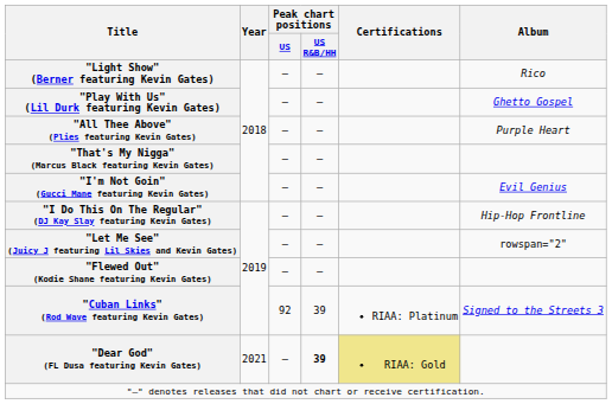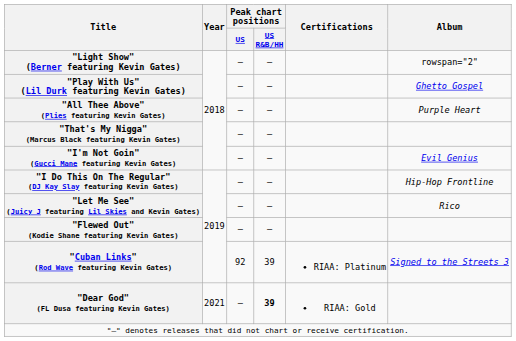 <table class="wikitable plainrowheaders" style="text-align:center;">
 <tr>
 <th scope="col" rowspan="2">Title</th>
 <th scope="col" rowspan="2">Year</th>
 <th scope="col" colspan="2">Peak chart positions</th>
 <th rowspan="2" scope="col">Certifications</th>
 <th scope="col" rowspan="2">Album</th>
 </tr>
 <tr>
 <th style="width:3em;font-size:90%;"><a href='#'>US</a><br></th>
 <th style="width:3em;font-size:90%;"><a href='#'>US<br>R&B/HH</a><br></th>
 </tr>
 <tr>
 <th scope="row">"Light Show"<br><span>(<a href='#'>Berner</a> featuring Kevin Gates)</span></th>
 <td rowspan="5">2018</td>
 <td>—</td>
 <td>—</td>
 <td></td>
-<td><em>Rico</em></td>
+<td>rowspan="2" </td>
 </tr>
 <tr>
 <th scope="row">"Play With Us"<br><span>(<a href='#'>Lil Durk</a> featuring Kevin Gates)</span></th>
 <td>—</td>
 <td>—</td>
 <td></td>
 <td><em><a href='#'>Ghetto Gospel</a></em></td>
 </tr>
 <tr>
 <th scope="row">"All Thee Above"<br><small>(<a href='#'>Plies</a> featuring Kevin Gates)</small></th>
 <td>—</td>
 <td>—</td>
 <td></td>
 <td><em>Purple Heart</em></td>
 </tr>
 <tr>
 <th scope="row">"That's My Nigga"<br><small>(Marcus Black featuring Kevin Gates)</small></th>
 <td>—</td>
 <td>—</td>
 <td></td>
 <td></td>
 </tr>
 <tr>
 <th scope="row">"I'm Not Goin"<br><small>(<a href='#'>Gucci Mane</a> featuring Kevin Gates)</small></th>
 <td>—</td>
 <td>—</td>
 <td></td>
 <td><em><a href='#'>Evil Genius</a></em></td>
 </tr>
 <tr>
 <th scope="row">"I Do This On The Regular"<br><small>(<a href='#'>DJ Kay Slay</a> featuring Kevin Gates)</small></th>
 <td rowspan="4">2019</td>
 <td>—</td>
 <td>—</td>
 <td></td>
 <td><em>Hip-Hop Frontline</em></td>
 </tr>
 <tr>
 <th scope="row">"Let Me See"<br><small>(<a href='#'>Juicy J</a> featuring <a href='#'>Lil Skies</a> and Kevin Gates)</small></th>
 <td>—</td>
 <td>—</td>
 <td></td>
-<td>rowspan="2" </td>
+<td><em>Rico</em></td>
 </tr>
 <tr>
 <th scope="row">"Flewed Out"<br><small>(Kodie Shane featuring Kevin Gates)</small></th>
 <td>—</td>
 <td>—</td>
 <td></td>
 </tr>
 <tr>
 <th scope="row">"<a href='#'>Cuban Links</a>"<br><small>(<a href='#'>Rod Wave</a> featuring Kevin Gates)</small></th>
 <td>92</td>
 <td>39</td>
 <td><br><ul><li>RIAA: Platinum</li></ul></td>
 <td><em><a href='#'>Signed to the Streets 3</a></em></td>
 </tr>
 <tr>
 <th scope="row">"Dear God"<br><small>(FL Dusa featuring Kevin Gates)</small></th>
 <td>2021</td>
 <td>—</td>
 <td><strong>39</strong></td>
-<td style="background: khaki;"><br><ul><li>RIAA: Gold</li></ul></td>
+<td><br><ul><li>RIAA: Gold</li></ul></td>
 <td></td>
 </tr>
 <tr>
 <td colspan="6" style="font-size:90%">"—" denotes releases that did not chart or receive certification.</td>
 </tr>
 </table>
